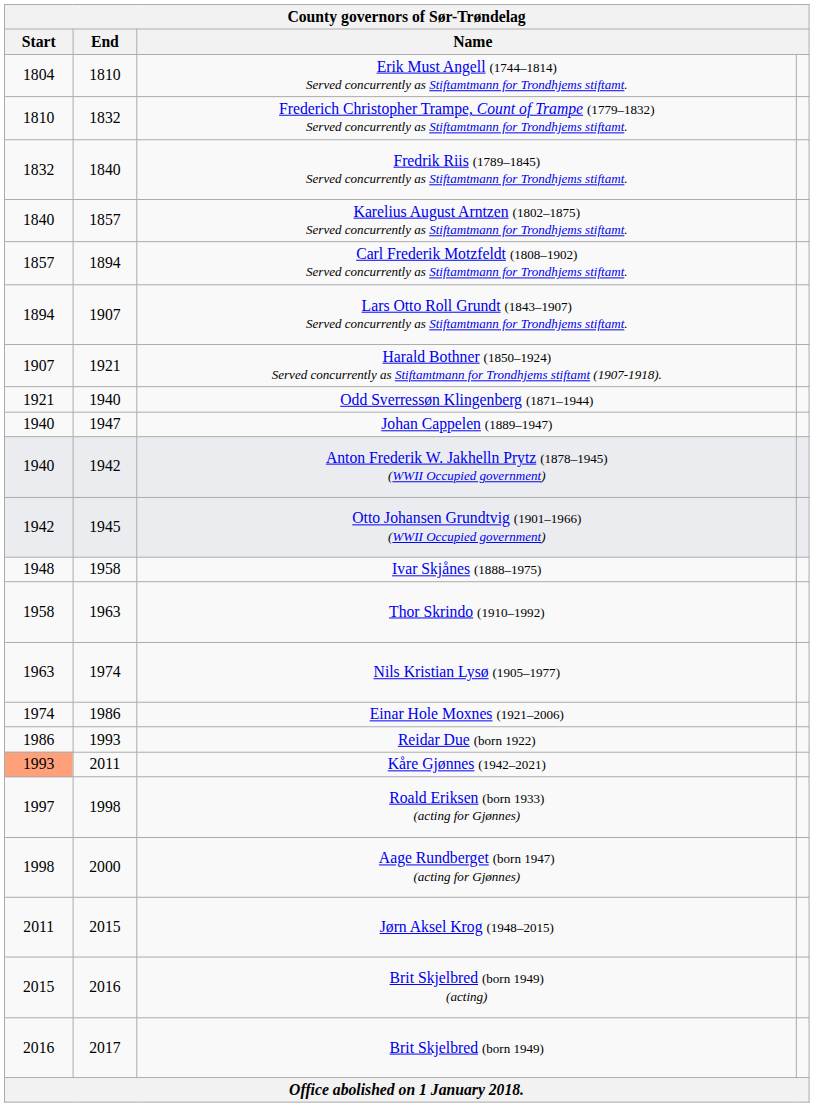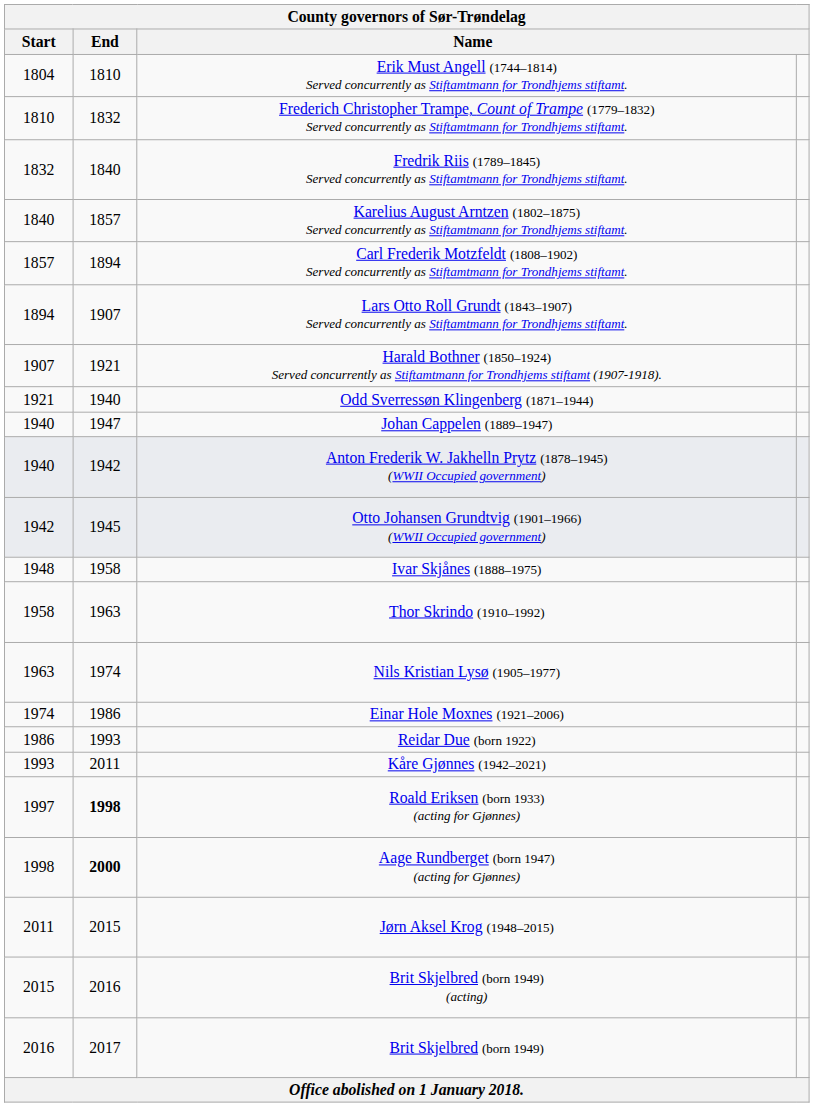 <table class="wikitable" style="text-align:center" width="65%">
 <tr>
 <th colspan=5>County governors of Sør-Trøndelag</th>
 </tr>
 <tr>
 <th>Start</th>
 <th>End</th>
 <th colspan="2">Name</th>
 </tr>
 <tr>
 <td>1804</td>
 <td>1810</td>
 <td><a href='#'>Erik Must Angell</a> <small>(1744–1814)<br><em>Served concurrently as <a href='#'>Stiftamtmann for Trondhjems stiftamt</a>.</em></small></td>
 <td></td>
 </tr>
 <tr>
 <td>1810</td>
 <td>1832</td>
 <td><a href='#'>Frederich Christopher Trampe, <em>Count of Trampe</em></a> <small>(1779–1832)<br><em>Served concurrently as <a href='#'>Stiftamtmann for Trondhjems stiftamt</a>.</em></small></td>
 <td></td>
 </tr>
 <tr>
 <td>1832</td>
 <td>1840</td>
 <td><a href='#'>Fredrik Riis</a> <small>(1789–1845)<br><em>Served concurrently as <a href='#'>Stiftamtmann for Trondhjems stiftamt</a>.</em></small></td>
 <td><br><br><br></td>
 </tr>
 <tr>
 <td>1840</td>
 <td>1857</td>
 <td><a href='#'>Karelius August Arntzen</a> <small>(1802–1875)<br><em>Served concurrently as <a href='#'>Stiftamtmann for Trondhjems stiftamt</a>.</em></small></td>
 <td></td>
 </tr>
 <tr>
 <td>1857</td>
 <td>1894</td>
 <td><a href='#'>Carl Frederik Motzfeldt</a> <small>(1808–1902)<br><em>Served concurrently as <a href='#'>Stiftamtmann for Trondhjems stiftamt</a>.</em></small></td>
 <td></td>
 </tr>
 <tr>
 <td>1894</td>
 <td>1907</td>
 <td><a href='#'>Lars Otto Roll Grundt</a> <small>(1843–1907)<br><em>Served concurrently as <a href='#'>Stiftamtmann for Trondhjems stiftamt</a>.</em></small></td>
 <td><br><br><br></td>
 </tr>
 <tr>
 <td>1907</td>
 <td>1921</td>
 <td><a href='#'>Harald Bothner</a> <small>(1850–1924)<br><em>Served concurrently as <a href='#'>Stiftamtmann for Trondhjems stiftamt</a> (1907-1918).</em></small></td>
 <td></td>
 </tr>
 <tr>
 <td>1921</td>
 <td>1940</td>
 <td><a href='#'>Odd Sverressøn Klingenberg</a> <small>(1871–1944)</small></td>
 <td></td>
 </tr>
 <tr>
 <td>1940</td>
 <td>1947</td>
 <td><a href='#'>Johan Cappelen</a> <small>(1889–1947)</small></td>
 <td></td>
 </tr>
 <tr bgcolor="#EAECF0">
 <td>1940</td>
 <td>1942</td>
 <td><a href='#'>Anton Frederik W. Jakhelln Prytz</a> <small>(1878–1945)</small><br><small><em>(<a href='#'>WWII Occupied government</a>)</em></small></td>
 <td><br><br><br></td>
 </tr>
 <tr bgcolor="#EAECF0">
 <td>1942</td>
 <td>1945</td>
 <td><a href='#'>Otto Johansen Grundtvig</a> <small>(1901–1966)</small><br><small><em>(<a href='#'>WWII Occupied government</a>)</em></small></td>
 <td><br><br><br></td>
 </tr>
 <tr>
 <td>1948</td>
 <td>1958</td>
 <td><a href='#'>Ivar Skjånes</a> <small>(1888–1975)</small></td>
 <td></td>
 </tr>
 <tr>
 <td>1958</td>
 <td>1963</td>
 <td><a href='#'>Thor Skrindo</a> <small>(1910–1992)</small></td>
 <td><br><br><br></td>
 </tr>
 <tr>
 <td>1963</td>
 <td>1974</td>
 <td><a href='#'>Nils Kristian Lysø</a> <small>(1905–1977)</small></td>
 <td><br><br><br></td>
 </tr>
 <tr>
 <td>1974</td>
 <td>1986</td>
 <td><a href='#'>Einar Hole Moxnes</a> <small>(1921–2006)</small></td>
 <td></td>
 </tr>
 <tr>
 <td>1986</td>
 <td>1993</td>
 <td><a href='#'>Reidar Due</a> <small>(born 1922)</small></td>
 <td></td>
 </tr>
 <tr>
-<td style="background: lightsalmon;">1993</td>
+<td>1993</td>
 <td>2011</td>
 <td><a href='#'>Kåre Gjønnes</a> <small>(1942–2021)</small></td>
 <td></td>
 </tr>
 <tr>
 <td>1997</td>
-<td>1998</td>
+<td><strong>1998</strong></td>
 <td><a href='#'>Roald Eriksen</a> <small>(born 1933)</small><br><small><em>(acting for Gjønnes)</em></small></td>
 <td><br><br><br></td>
 </tr>
 <tr>
 <td>1998</td>
-<td>2000</td>
+<td><strong>2000</strong></td>
 <td><a href='#'>Aage Rundberget</a> <small>(born 1947)</small><br><small><em>(acting for Gjønnes)</em></small></td>
 <td><br><br><br></td>
 </tr>
 <tr>
 <td>2011</td>
 <td>2015</td>
 <td><a href='#'>Jørn Aksel Krog</a> <small>(1948–2015)</small></td>
 <td><br><br><br></td>
 </tr>
 <tr>
 <td>2015</td>
 <td>2016</td>
 <td><a href='#'>Brit Skjelbred</a> <small>(born 1949)</small><br><small><em>(acting)</em></small></td>
 <td><br><br><br></td>
 </tr>
 <tr>
 <td>2016</td>
 <td>2017</td>
 <td><a href='#'>Brit Skjelbred</a> <small>(born 1949)</small></td>
 <td><br><br><br></td>
 </tr>
 <tr>
 <th colspan=4><em>Office abolished on 1 January 2018.</em></th>
 </tr>
 </table>
